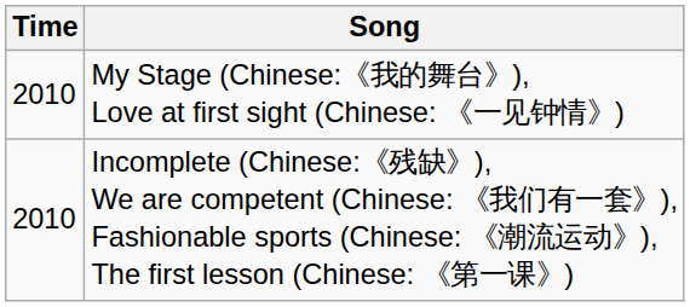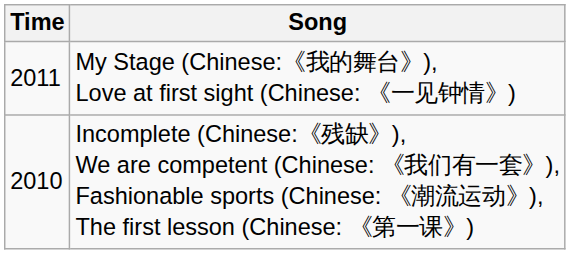 <table class="wikitable">
 <tr>
 <th>Time</th>
 <th>Song</th>
 </tr>
 <tr>
-<td>2010</td>
+<td>2011</td>
 <td>My Stage (Chinese:《我的舞台》),<br>Love at first sight (Chinese: 《一见钟情》)</td>
 </tr>
 <tr>
 <td>2010</td>
 <td>Incomplete (Chinese:《残缺》),<br>We are competent (Chinese: 《我们有一套》),<br>Fashionable sports (Chinese: 《潮流运动》),<br>The first lesson (Chinese: 《第一课》)</td>
 </tr>
 </table>
